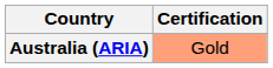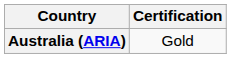 <table class="wikitable plainrowheaders">
 <tr>
 <th align="left">Country</th>
 <th align="center">Certification</th>
 </tr>
 <tr>
 <th scope="row">Australia (<a href='#'>ARIA</a>)</th>
-<td align="center" style="background: lightsalmon;">Gold</td>
+<td align="center">Gold</td>
 </tr>
 </table>
